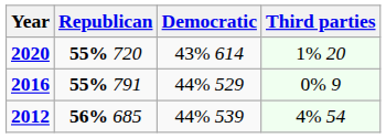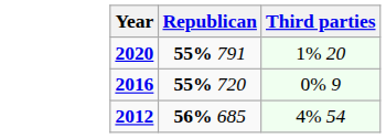 <table class="wikitable" style="float:right; margin: 1em 1em 1em 0; font-size: 95%;">
 <tr>
 <th>Year</th>
 <th><a href='#'>Republican</a></th>
-<th><a href='#'>Democratic</a></th>
 <th><a href='#'>Third parties</a></th>
 </tr>
 <tr>
 <td style="text-align:center; "><strong><a href='#'>2020</a></strong></td>
-<td style="text-align:center; "><strong>55%</strong> <em>720</em></td>
-<td style="text-align:center; ">43% <em>614</em></td>
+<td style="text-align:center; "><strong>55%</strong> <em>791</em></td>
 <td style="text-align:center; background:honeyDew;">1% <em>20</em></td>
 </tr>
 <tr>
 <td style="text-align:center; "><strong><a href='#'>2016</a></strong></td>
-<td style="text-align:center; "><strong>55%</strong> <em>791</em></td>
-<td style="text-align:center; ">44% <em>529</em></td>
+<td style="text-align:center; "><strong>55%</strong> <em>720</em></td>
 <td style="text-align:center; background:honeyDew;">0% <em>9</em></td>
 </tr>
 <tr>
 <td style="text-align:center; "><strong><a href='#'>2012</a></strong></td>
 <td style="text-align:center; "><strong>56%</strong> <em>685</em></td>
-<td style="text-align:center; ">44% <em>539</em></td>
 <td style="text-align:center; background:honeyDew;">4% <em>54</em></td>
 </tr>
 </table>
